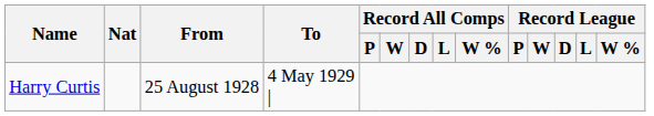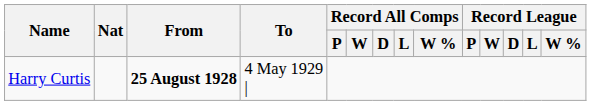 <table class="wikitable" style="text-align: center">
 <tr>
 <th rowspan="2">Name</th>
 <th rowspan="2">Nat</th>
 <th rowspan="2">From</th>
 <th rowspan="2">To</th>
 <th colspan="5">Record All Comps</th>
 <th colspan="5">Record League</th>
 </tr>
 <tr>
 <th>P</th>
 <th>W</th>
 <th>D</th>
 <th>L</th>
 <th>W %</th>
 <th>P</th>
 <th>W</th>
 <th>D</th>
 <th>L</th>
 <th>W %</th>
 </tr>
 <tr>
 <td align=left><a href='#'>Harry Curtis</a></td>
 <td></td>
-<td align=left>25 August 1928</td>
+<td align=left><strong>25 August 1928</strong></td>
 <td align=left>4 May 1929<br>|</td>
 </tr>
 </table>
